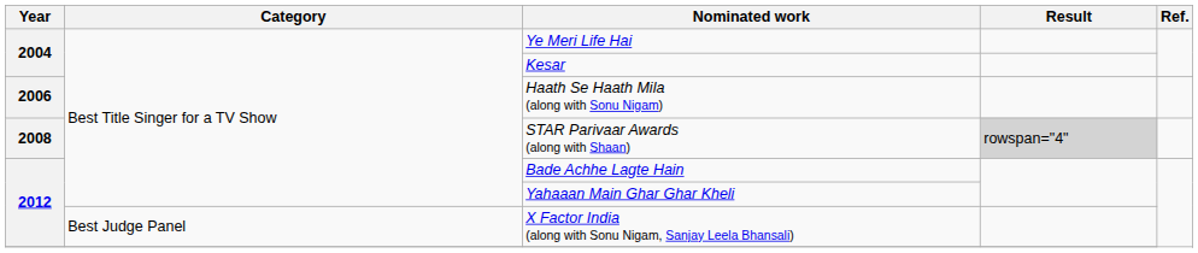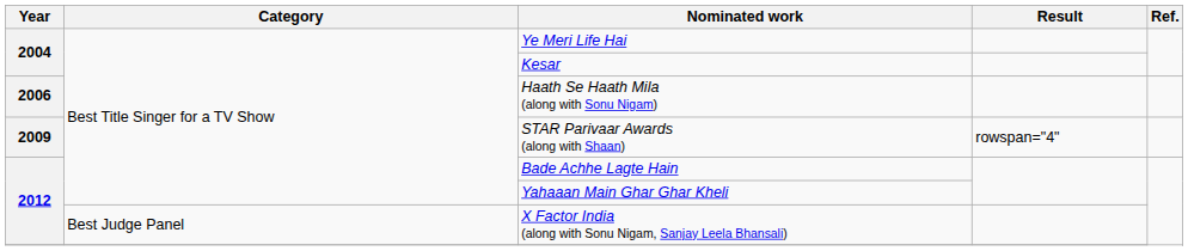 <table class="wikitable plainrowheaders" width="100%" textcolor:#000;">
 <tr>
 <th scope="col" width=5%><strong>Year</strong></th>
 <th scope="col" width=39%><strong>Category</strong></th>
 <th scope="col" width=39%><strong>Nominated work</strong></th>
 <th scope="col" width=15%><strong>Result</strong></th>
 <th scope="col" width=2%><strong>Ref.</strong></th>
 </tr>
 <tr>
 <th scope="row" rowspan="2">2004</th>
 <td rowspan="6">Best Title Singer for a TV Show</td>
 <td><em><a href='#'>Ye Meri Life Hai</a></em></td>
 <td></td>
 <td rowspan="2"></td>
 </tr>
 <tr>
 <td><em><a href='#'>Kesar</a></em></td>
 <td></td>
 </tr>
 <tr>
 <th scope="row">2006</th>
 <td><em>Haath Se Haath Mila</em><br><small>(along with <a href='#'>Sonu Nigam</a>)</small></td>
 <td></td>
 <td></td>
 </tr>
 <tr>
-<th scope="row">2008</th>
+<th scope="row">2009</th>
 <td><em>STAR Parivaar Awards</em><br><small>(along with <a href='#'>Shaan</a>)</small></td>
-<td style="background: lightgrey;">rowspan="4" </td>
+<td>rowspan="4" </td>
 <td></td>
 </tr>
 <tr>
 <th scope="row" rowspan="3"><a href='#'>2012</a></th>
 <td><em><a href='#'>Bade Achhe Lagte Hain</a></em></td>
 <td rowspan="2"></td>
 </tr>
 <tr>
 <td><em><a href='#'>Yahaaan Main Ghar Ghar Kheli</a></em></td>
 </tr>
 <tr>
 <td>Best Judge Panel</td>
 <td><em><a href='#'>X Factor India</a></em><br><small>(along with Sonu Nigam, <a href='#'>Sanjay Leela Bhansali</a>)</small></td>
 <td></td>
 </tr>
 <tr>
 </tr>
 </table>
